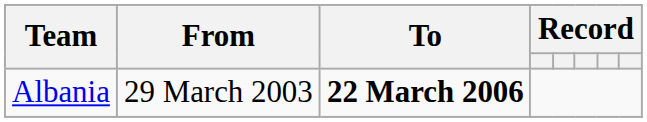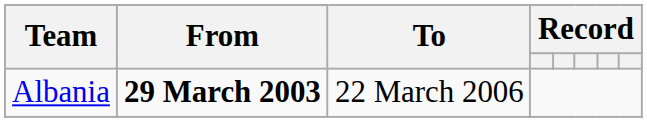 <table class=wikitable style=text-align:center>
 <tr>
 <th rowspan=2>Team</th>
 <th rowspan=2>From</th>
 <th rowspan=2>To</th>
 <th colspan=5>Record</th>
 </tr>
 <tr>
 <th></th>
 <th></th>
 <th></th>
 <th></th>
 <th></th>
 </tr>
 <tr>
 <td><a href='#'>Albania</a></td>
-<td>29 March 2003</td>
-<td><strong>22 March 2006<br></strong></td>
+<td><strong>29 March 2003</strong></td>
+<td>22 March 2006<br></td>
 </tr>
 </table>
